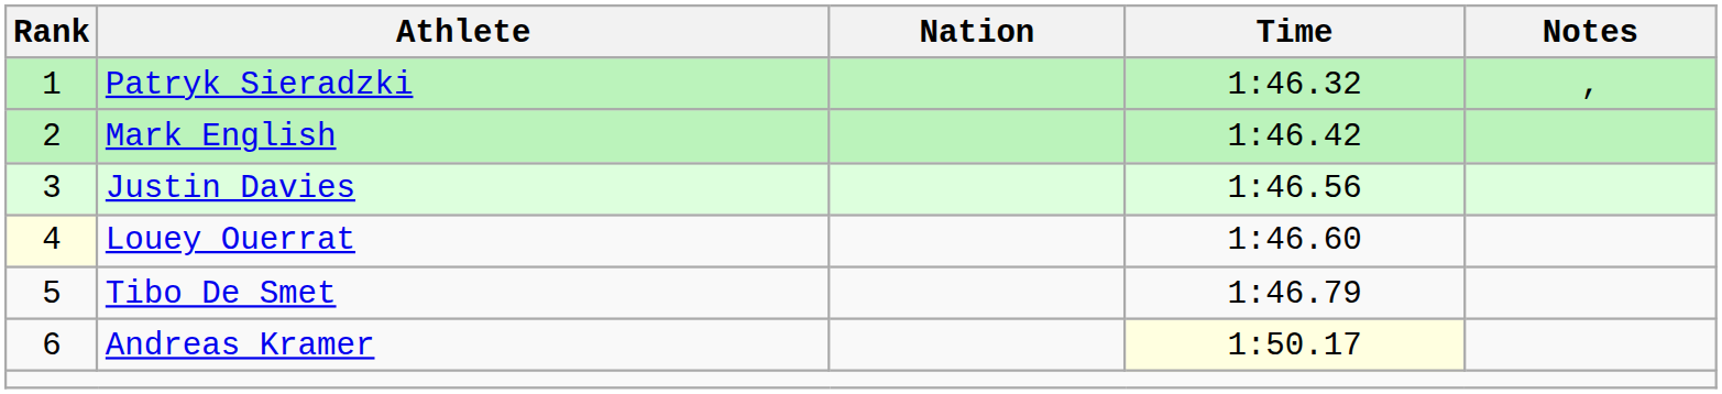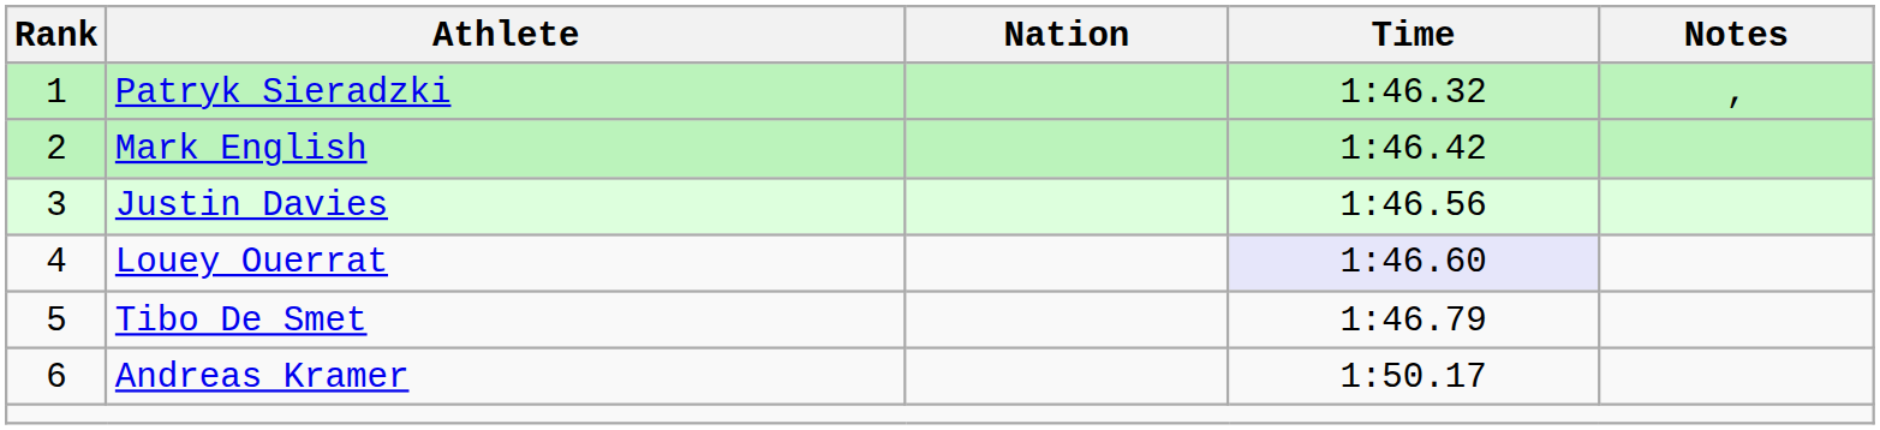 <table class="wikitable sortable" style="text-align:center;width: 55%;">
 <tr>
 <th scope="col" style="width: 10px;">Rank</th>
 <th scope="col">Athlete</th>
 <th scope="col">Nation</th>
 <th scope="col">Time</th>
 <th scope="col">Notes</th>
 </tr>
 <tr bgcolor=bbf3bb>
 <td>1</td>
 <td align=left><a href='#'>Patryk Sieradzki</a></td>
 <td align=left></td>
 <td>1:46.32</td>
 <td>, </td>
 </tr>
 <tr bgcolor=bbf3bb>
 <td>2</td>
 <td align=left><a href='#'>Mark English</a></td>
 <td align=left></td>
 <td>1:46.42</td>
 <td></td>
 </tr>
 <tr bgcolor=ddffdd>
 <td>3</td>
 <td align=left><a href='#'>Justin Davies</a></td>
 <td align=left></td>
 <td>1:46.56</td>
 <td></td>
 </tr>
 <tr>
-<td style="background: lightyellow;">4</td>
+<td>4</td>
 <td align=left><a href='#'>Louey Ouerrat</a></td>
 <td align=left></td>
-<td>1:46.60</td>
+<td style="background: lavender;">1:46.60</td>
 <td></td>
 </tr>
 <tr>
 <td>5</td>
 <td align=left><a href='#'>Tibo De Smet</a></td>
 <td align=left></td>
 <td>1:46.79</td>
 <td></td>
 </tr>
 <tr>
 <td>6</td>
 <td align=left><a href='#'>Andreas Kramer</a></td>
 <td align=left></td>
-<td style="background: lightyellow;">1:50.17</td>
+<td>1:50.17</td>
 <td></td>
 </tr>
 <tr class="sortbottom">
 <td colspan="5"></td>
 </tr>
 </table>
